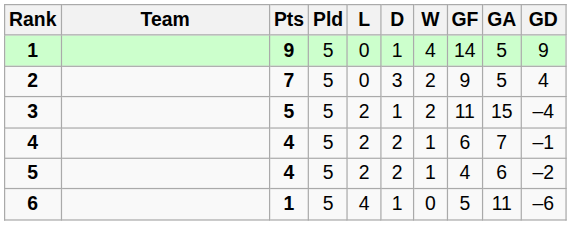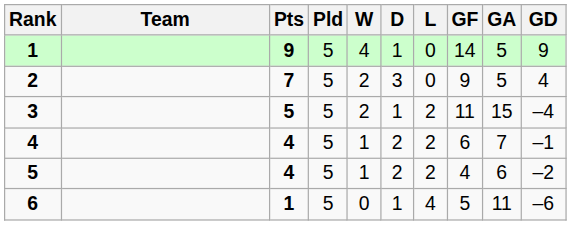 <table class="wikitable" style="text-align: center;">
 <tr>
 <th width=30>Rank</th>
 <th width=165>Team</th>
 <th width=20>Pts</th>
 <th width=20>Pld</th>
+<th width=20>W</th>
+<th width=20>D</th>
 <th width=20>L</th>
-<th width=20>D</th>
-<th width=20>W</th>
 <th width=20>GF</th>
 <th width=20>GA</th>
 <th width=30>GD</th>
 </tr>
 <tr style="background:#ccffcc;">
 <td><strong>1</strong></td>
 <td style="text-align:left;"></td>
 <td><strong>9</strong></td>
 <td>5</td>
+<td>4</td>
+<td>1</td>
 <td>0</td>
-<td>1</td>
-<td>4</td>
 <td>14</td>
 <td>5</td>
 <td>9</td>
 </tr>
 <tr>
 <td><strong>2</strong></td>
 <td style="text-align:left;"></td>
 <td><strong>7</strong></td>
 <td>5</td>
+<td>2</td>
+<td>3</td>
 <td>0</td>
-<td>3</td>
-<td>2</td>
 <td>9</td>
 <td>5</td>
 <td>4</td>
 </tr>
 <tr>
 <td><strong>3</strong></td>
 <td style="text-align:left;"></td>
 <td><strong>5</strong></td>
 <td>5</td>
 <td>2</td>
 <td>1</td>
 <td>2</td>
 <td>11</td>
 <td>15</td>
 <td>–4</td>
 </tr>
 <tr>
 <td><strong>4</strong></td>
 <td style="text-align:left;"></td>
 <td><strong>4</strong></td>
 <td>5</td>
+<td>1</td>
 <td>2</td>
 <td>2</td>
-<td>1</td>
 <td>6</td>
 <td>7</td>
 <td>–1</td>
 </tr>
 <tr>
 <td><strong>5</strong></td>
 <td style="text-align:left;"></td>
 <td><strong>4</strong></td>
 <td>5</td>
+<td>1</td>
 <td>2</td>
 <td>2</td>
-<td>1</td>
 <td>4</td>
 <td>6</td>
 <td>–2</td>
 </tr>
 <tr>
 <td><strong>6</strong></td>
 <td style="text-align:left;"></td>
 <td><strong>1</strong></td>
 <td>5</td>
+<td>0</td>
+<td>1</td>
 <td>4</td>
-<td>1</td>
-<td>0</td>
 <td>5</td>
 <td>11</td>
 <td>–6</td>
 </tr>
 </table>
